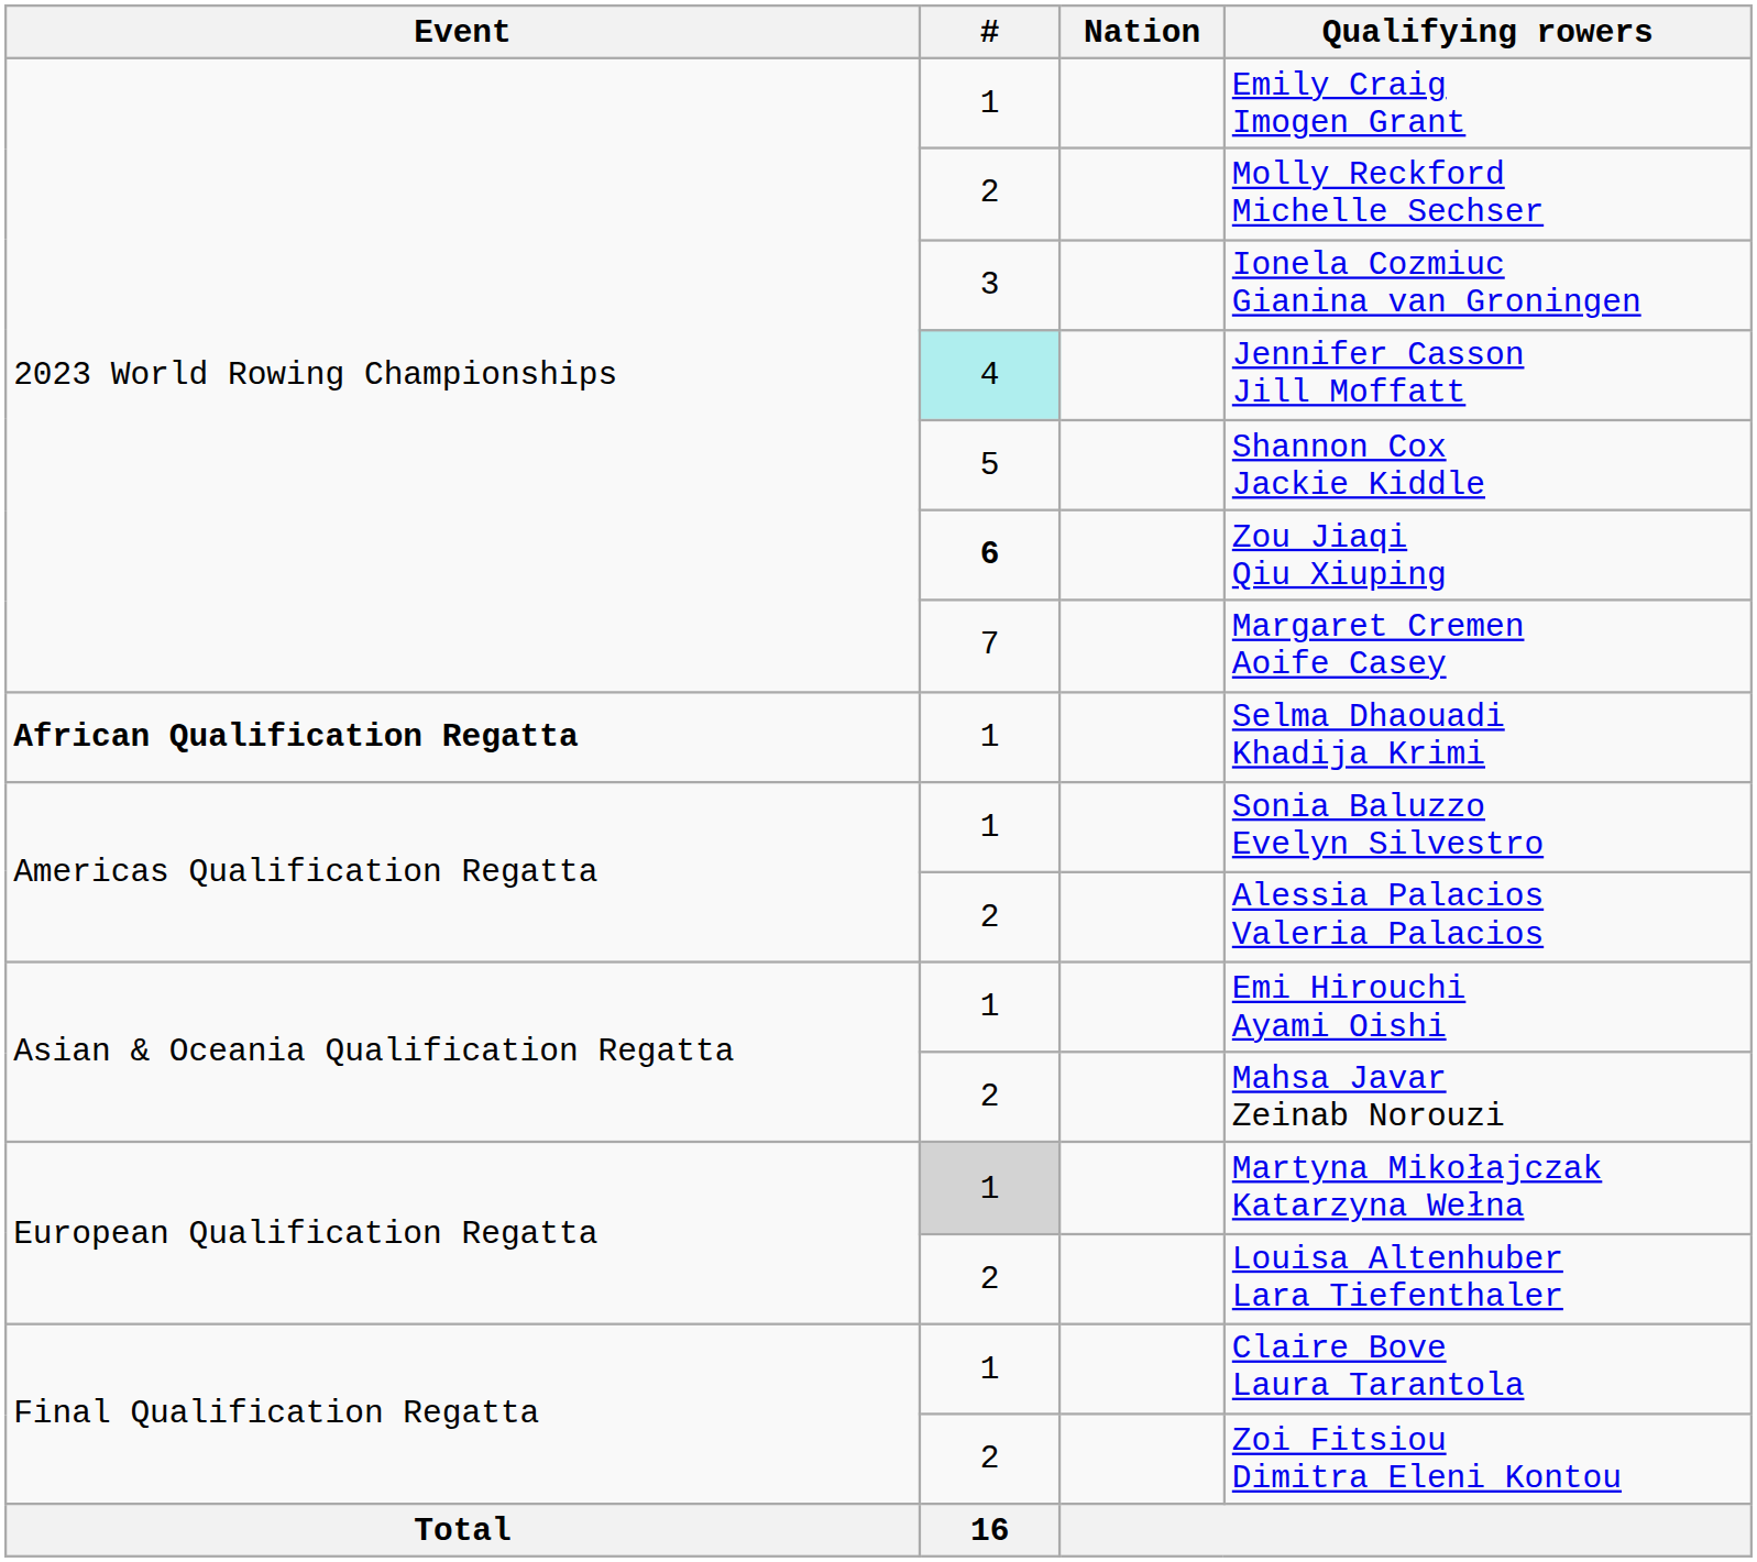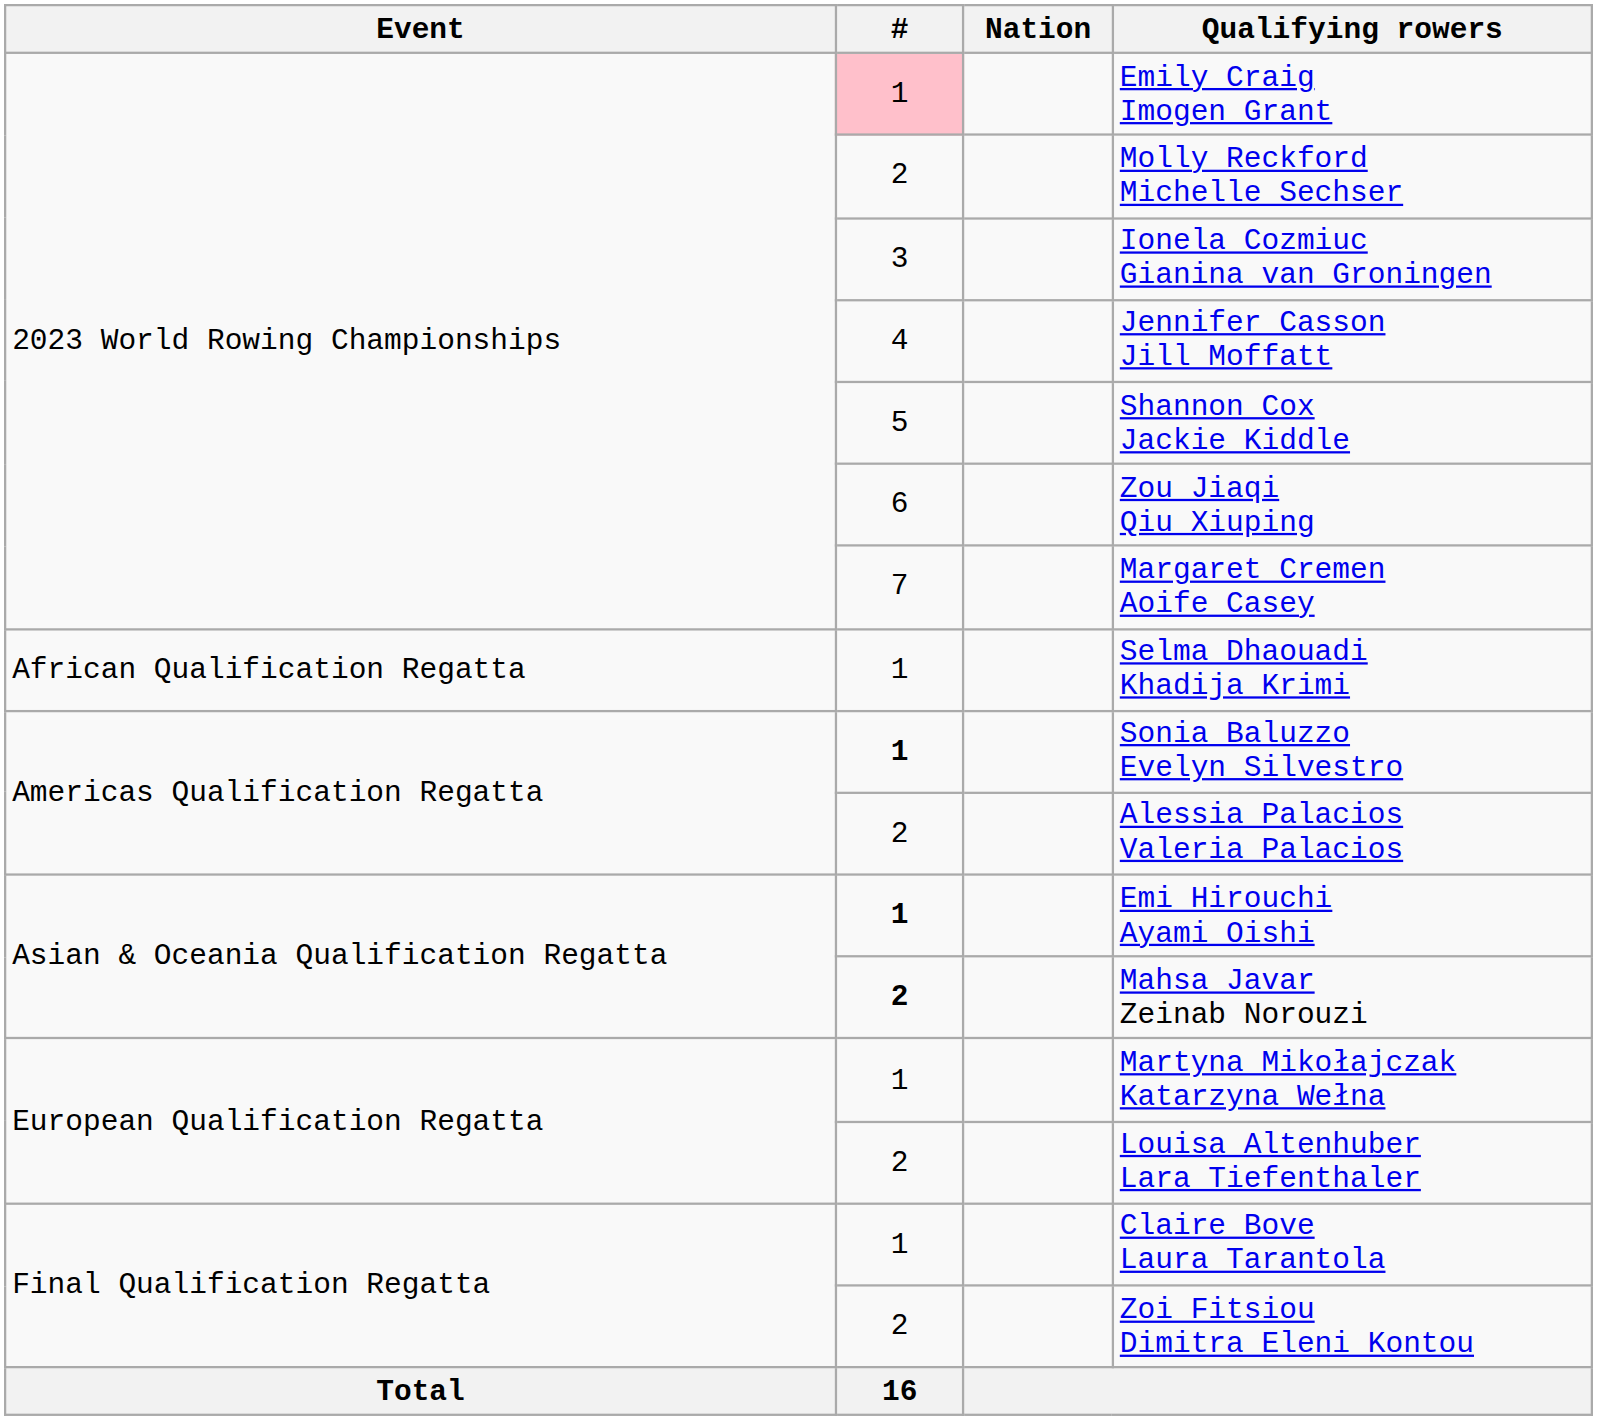 <table class="wikitable"  style="width:700px; text-align:center;">
 <tr>
 <th>Event</th>
 <th width=50>#</th>
 <th>Nation</th>
 <th>Qualifying rowers</th>
 </tr>
 <tr>
 <td rowspan=7 align=left>2023 World Rowing Championships</td>
-<td>1</td>
+<td style="background: pink;">1</td>
 <td align=left></td>
 <td align=left><a href='#'>Emily Craig</a><br><a href='#'>Imogen Grant</a></td>
 </tr>
 <tr>
 <td>2</td>
 <td align=left></td>
 <td align=left><a href='#'>Molly Reckford</a><br><a href='#'>Michelle Sechser</a></td>
 </tr>
 <tr>
 <td>3</td>
 <td align=left></td>
 <td align=left><a href='#'>Ionela Cozmiuc</a><br><a href='#'>Gianina van Groningen</a></td>
 </tr>
 <tr>
-<td style="background: paleturquoise;">4</td>
+<td>4</td>
 <td align=left></td>
 <td align=left><a href='#'>Jennifer Casson</a><br><a href='#'>Jill Moffatt</a></td>
 </tr>
 <tr>
 <td>5</td>
 <td align=left></td>
 <td align=left><a href='#'>Shannon Cox</a><br><a href='#'>Jackie Kiddle</a></td>
 </tr>
 <tr>
-<td><strong>6</strong></td>
+<td>6</td>
 <td align=left></td>
 <td align=left><a href='#'>Zou Jiaqi</a><br><a href='#'>Qiu Xiuping</a></td>
 </tr>
 <tr>
 <td>7</td>
 <td align=left></td>
 <td align=left><a href='#'>Margaret Cremen</a><br><a href='#'>Aoife Casey</a></td>
 </tr>
 <tr>
-<td align=left><strong>African Qualification Regatta</strong></td>
+<td align=left>African Qualification Regatta</td>
 <td>1</td>
 <td align=left></td>
 <td align=left><a href='#'>Selma Dhaouadi</a><br><a href='#'>Khadija Krimi</a></td>
 </tr>
 <tr>
 <td rowspan=2 align=left>Americas Qualification Regatta</td>
-<td>1</td>
+<td><strong>1</strong></td>
 <td align=left></td>
 <td align=left><a href='#'>Sonia Baluzzo</a><br><a href='#'>Evelyn Silvestro</a></td>
 </tr>
 <tr>
 <td>2</td>
 <td align=left></td>
 <td align=left><a href='#'>Alessia Palacios</a><br><a href='#'>Valeria Palacios</a></td>
 </tr>
 <tr>
 <td rowspan=2 align=left>Asian & Oceania Qualification Regatta</td>
-<td>1</td>
+<td><strong>1</strong></td>
 <td align=left></td>
 <td align=left><a href='#'>Emi Hirouchi</a><br><a href='#'>Ayami Oishi</a></td>
 </tr>
 <tr>
-<td>2</td>
+<td><strong>2</strong></td>
 <td align=left></td>
 <td align=left><a href='#'>Mahsa Javar</a><br>Zeinab Norouzi</td>
 </tr>
 <tr>
 <td rowspan=2 align=left>European Qualification Regatta</td>
-<td style="background: lightgrey;">1</td>
+<td>1</td>
 <td align=left></td>
 <td align=left><a href='#'>Martyna Mikołajczak</a><br><a href='#'>Katarzyna Wełna</a></td>
 </tr>
 <tr>
 <td>2</td>
 <td align=left></td>
 <td align=left><a href='#'>Louisa Altenhuber</a><br><a href='#'>Lara Tiefenthaler</a></td>
 </tr>
 <tr>
 <td rowspan=2 align=left>Final Qualification Regatta</td>
 <td>1</td>
 <td align=left></td>
 <td align=left><a href='#'>Claire Bove</a><br><a href='#'>Laura Tarantola</a></td>
 </tr>
 <tr>
 <td>2</td>
 <td align=left></td>
 <td align=left><a href='#'>Zoi Fitsiou</a><br><a href='#'>Dimitra Eleni Kontou</a></td>
 </tr>
 <tr>
 <th>Total</th>
 <th>16</th>
 <th colspan=2></th>
 </tr>
 </table>
